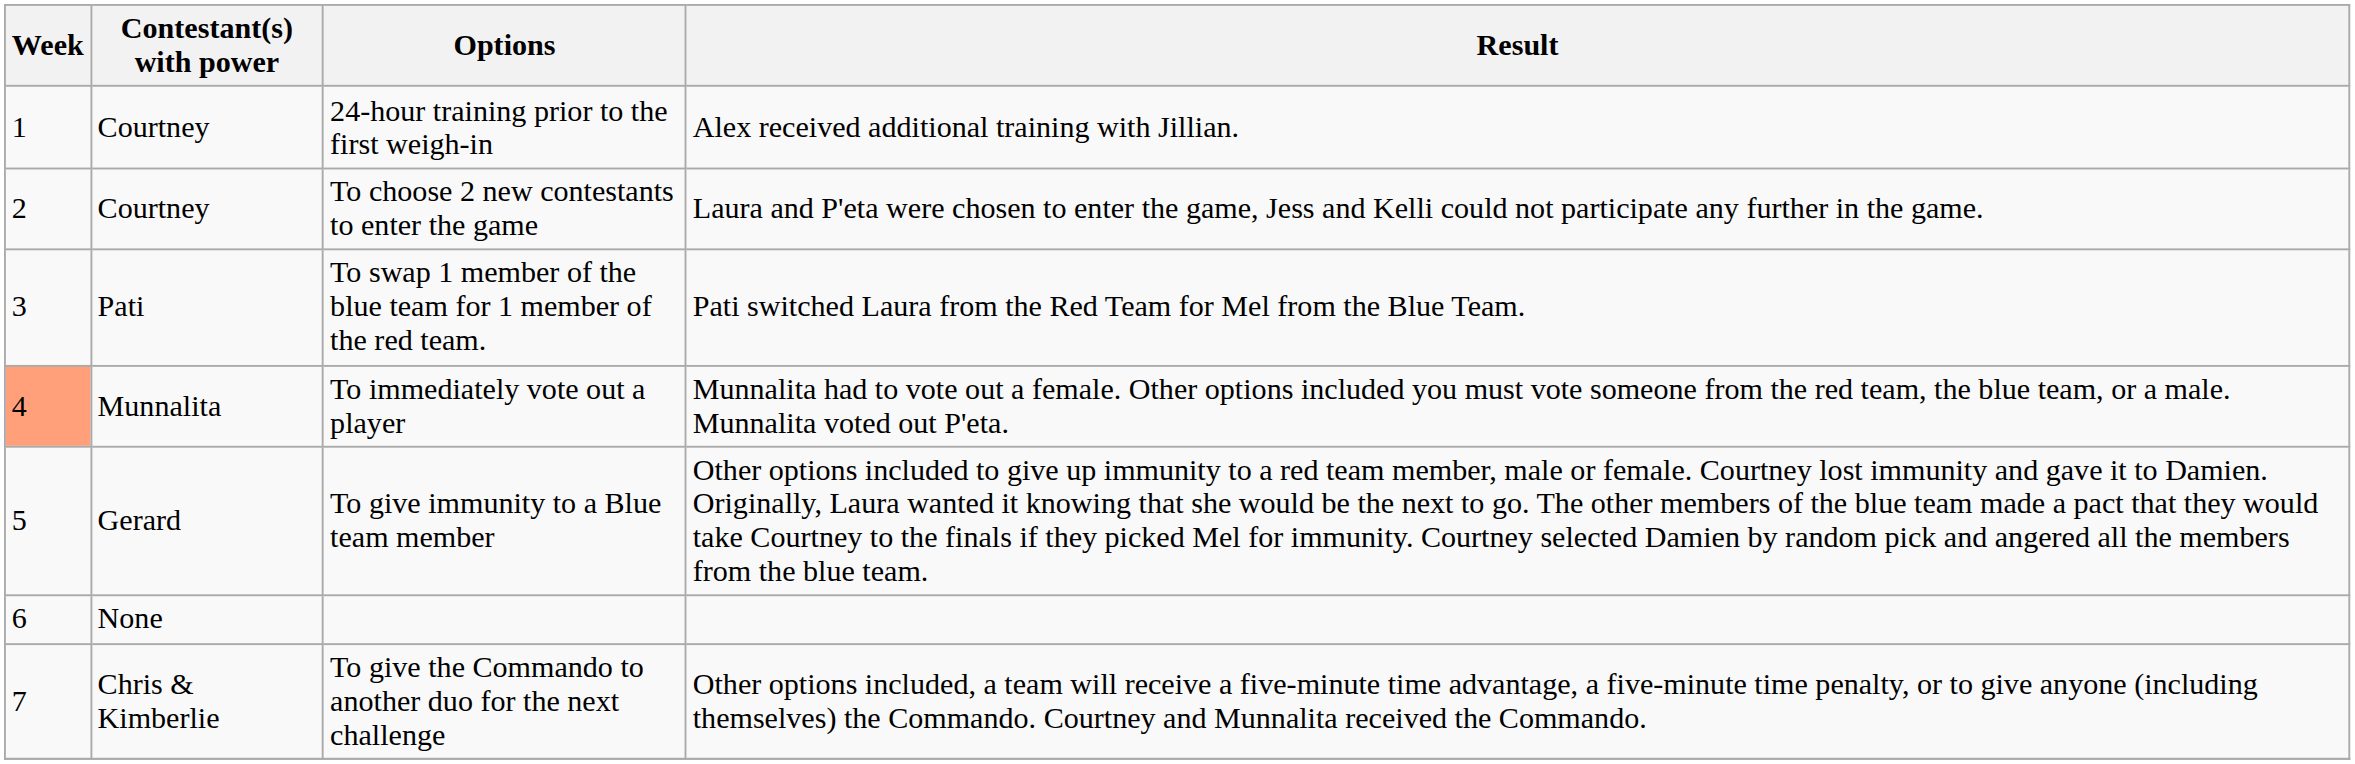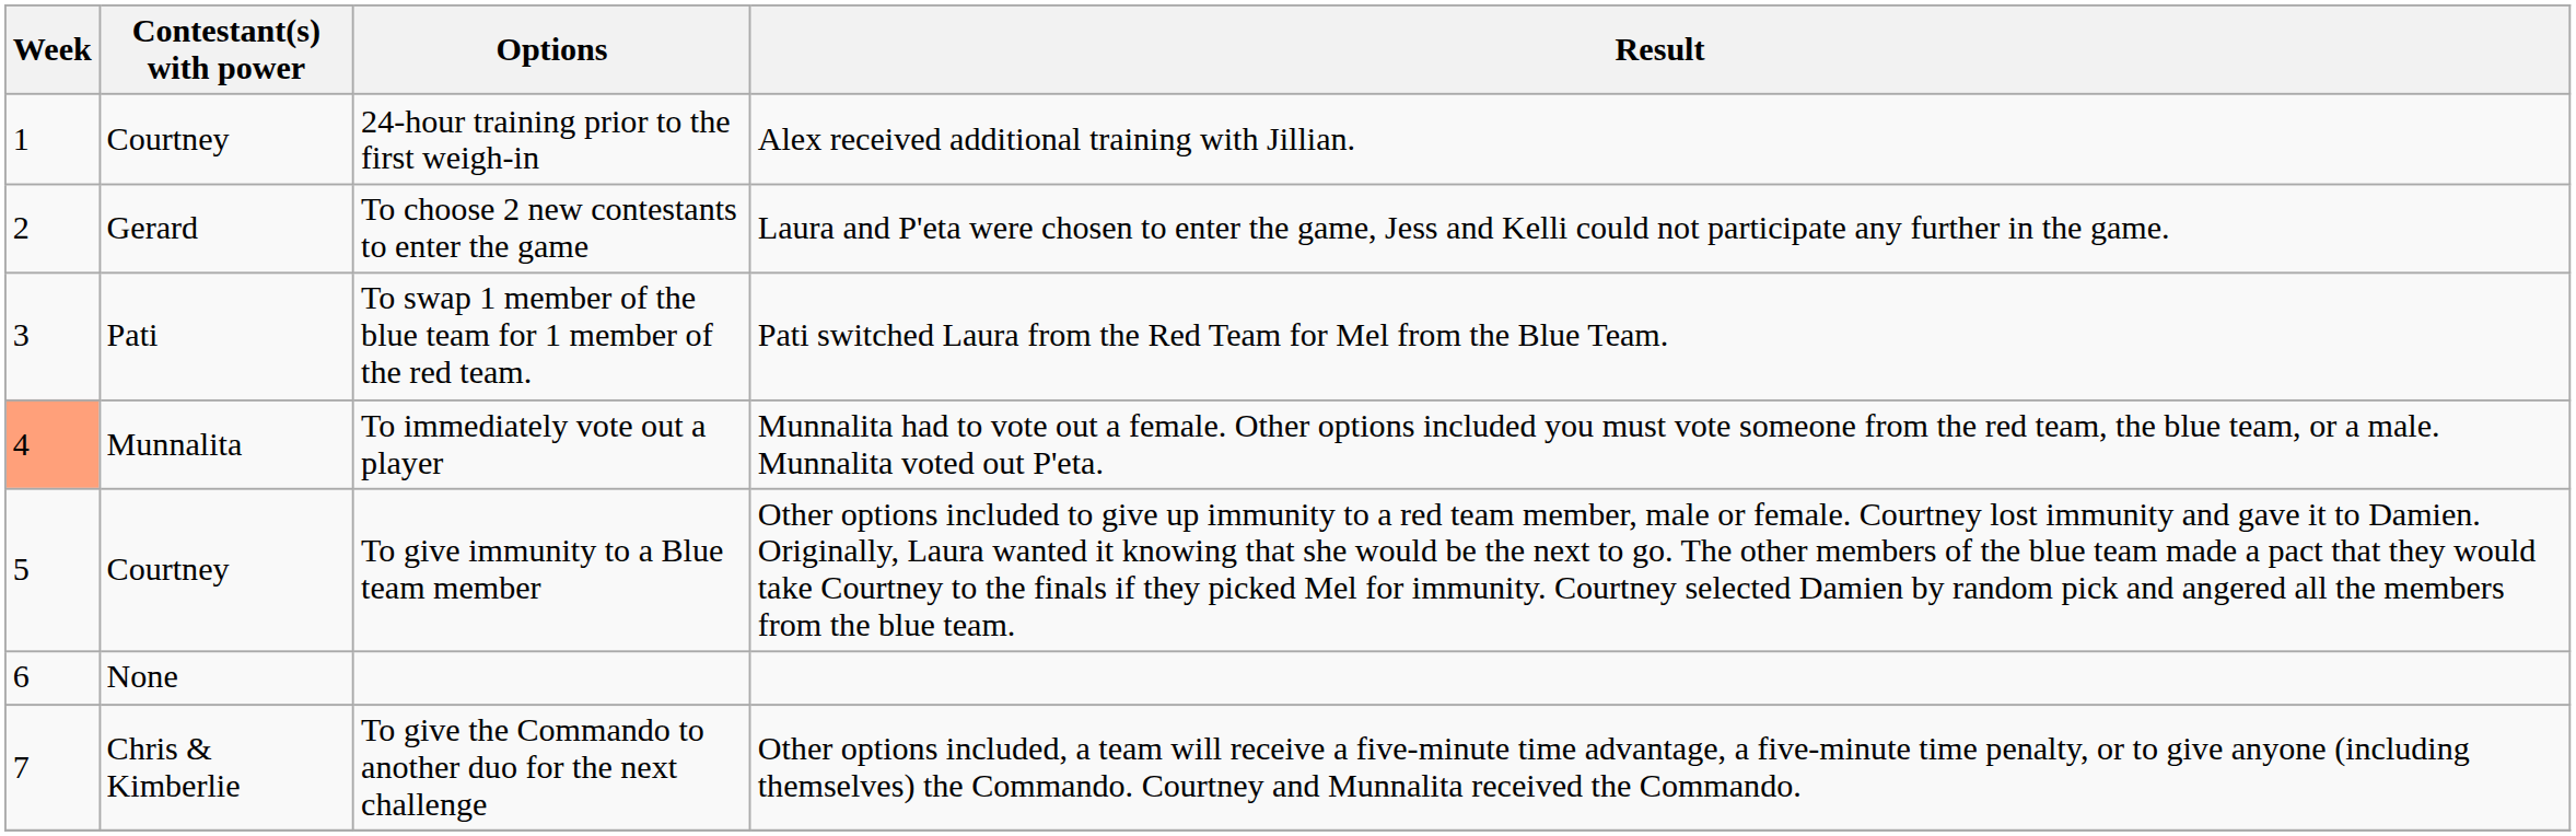 <table class="wikitable" style="text-align:left">
 <tr>
 <th>Week</th>
 <th>Contestant(s) with power</th>
 <th>Options</th>
 <th>Result</th>
 </tr>
 <tr>
 <td>1</td>
 <td>Courtney</td>
 <td>24-hour training prior to the first weigh-in</td>
 <td>Alex received additional training with Jillian.</td>
 </tr>
 <tr>
 <td>2</td>
-<td>Courtney</td>
+<td>Gerard</td>
 <td>To choose 2 new contestants to enter the game</td>
 <td>Laura and P'eta were chosen to enter the game, Jess and Kelli could not participate any further in the game.</td>
 </tr>
 <tr>
 <td>3</td>
 <td>Pati</td>
 <td>To swap 1 member of the blue team for 1 member of the red team.</td>
 <td>Pati switched Laura from the Red Team for Mel from the Blue Team.</td>
 </tr>
 <tr>
 <td style="background: lightsalmon;">4</td>
 <td>Munnalita</td>
 <td>To immediately vote out a player</td>
 <td>Munnalita had to vote out a female. Other options included you must vote someone from the red team, the blue team, or a male. Munnalita voted out P'eta.</td>
 </tr>
 <tr>
 <td>5</td>
-<td>Gerard</td>
+<td>Courtney</td>
 <td>To give immunity to a Blue team member</td>
 <td>Other options included to give up immunity to a red team member, male or female. Courtney lost immunity and gave it to Damien. Originally, Laura wanted it knowing that she would be the next to go. The other members of the blue team made a pact that they would take Courtney to the finals if they picked Mel for immunity. Courtney selected Damien by random pick and angered all the members from the blue team.</td>
 </tr>
 <tr>
 <td>6</td>
 <td>None</td>
 <td></td>
 <td></td>
 </tr>
 <tr>
 <td>7</td>
 <td>Chris & Kimberlie</td>
 <td>To give the Commando to another duo for the next challenge</td>
 <td>Other options included, a team will receive a five-minute time advantage, a five-minute time penalty, or to give anyone (including themselves) the Commando. Courtney and Munnalita received the Commando.</td>
 </tr>
 <tr>
 </tr>
 </table>
